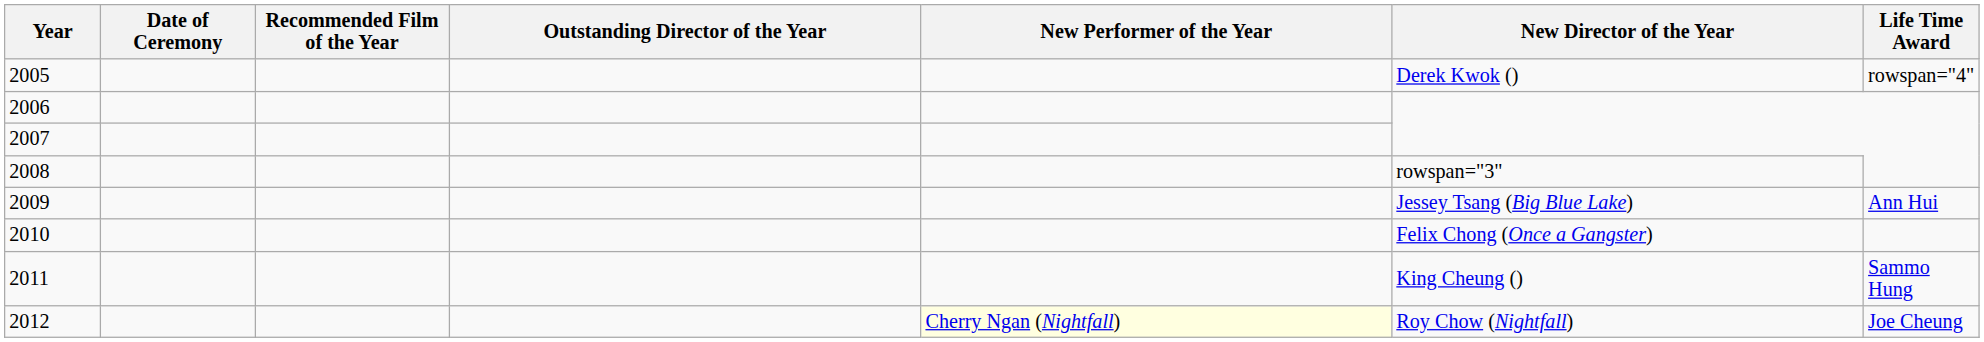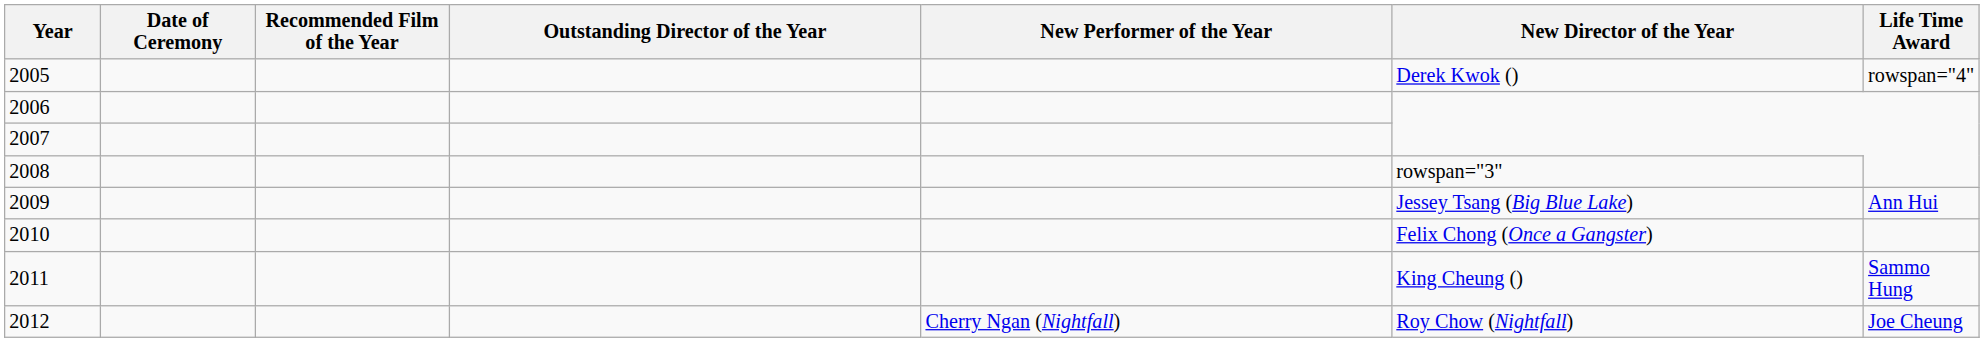 <table class="wikitable">
 <tr>
 <th width=5%>Year</th>
 <th width=8%>Date of Ceremony</th>
 <th width=10%>Recommended Film of the Year</th>
 <th width=25%>Outstanding Director of the Year</th>
 <th width=25%>New Performer of the Year</th>
 <th width=25%>New Director of the Year</th>
 <th width=10%>Life Time Award</th>
 </tr>
 <tr>
 <td>2005</td>
 <td></td>
 <td></td>
 <td></td>
 <td></td>
 <td><a href='#'>Derek Kwok</a> (<em></em>)</td>
 <td>rowspan="4" </td>
 </tr>
 <tr>
 <td>2006</td>
 <td></td>
 <td></td>
 <td></td>
 <td></td>
 </tr>
 <tr>
 <td>2007</td>
 <td></td>
 <td></td>
 <td></td>
 <td></td>
 </tr>
 <tr>
 <td>2008</td>
 <td></td>
 <td></td>
 <td></td>
 <td></td>
 <td>rowspan="3" </td>
 </tr>
 <tr>
 <td>2009</td>
 <td></td>
 <td></td>
 <td></td>
 <td></td>
 <td><a href='#'>Jessey Tsang</a> (<em><a href='#'>Big Blue Lake</a></em>)</td>
 <td><a href='#'>Ann Hui</a></td>
 </tr>
 <tr>
 <td>2010</td>
 <td></td>
 <td></td>
 <td></td>
 <td></td>
 <td><a href='#'>Felix Chong</a> (<em><a href='#'>Once a Gangster</a></em>)</td>
 <td></td>
 </tr>
 <tr>
 <td>2011</td>
 <td></td>
 <td></td>
 <td></td>
 <td></td>
 <td><a href='#'>King Cheung</a> (<em></em>)</td>
 <td><a href='#'>Sammo Hung</a></td>
 </tr>
 <tr>
 <td>2012</td>
 <td></td>
 <td></td>
 <td></td>
-<td style="background: lightyellow;"><a href='#'>Cherry Ngan</a> (<em><a href='#'>Nightfall</a></em>)</td>
+<td><a href='#'>Cherry Ngan</a> (<em><a href='#'>Nightfall</a></em>)</td>
 <td><a href='#'>Roy Chow</a> (<em><a href='#'>Nightfall</a></em>)</td>
 <td><a href='#'>Joe Cheung</a></td>
 </tr>
 </table>
